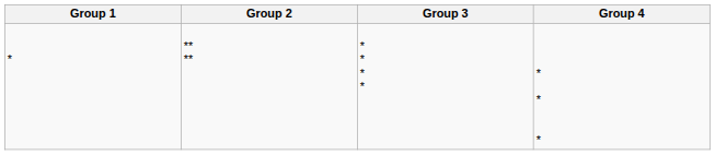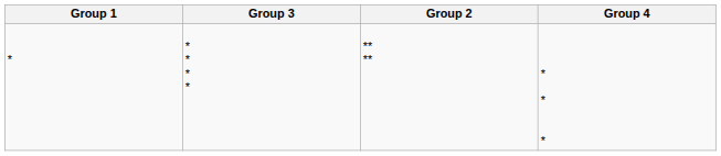 <table class="wikitable" width=75%>
 <tr>
 <th width=25%>Group 1</th>
+<th width=25%>Group 3</th>
 <th width=25%>Group 2</th>
-<th width=25%>Group 3</th>
 <th width=25%>Group 4</th>
 </tr>
 <tr>
 <td valign=top><br><br> <s></s> *<br> <br> <br> <br> <br> <br></td>
+<td valign=top><br><s></s> *<br> <s></s> *<br> <s></s> *<br> <s></s> *<br> <br> <br> </td>
 <td valign=top><br>**<br> **<br> <br> <br> <br> <br> </td>
-<td valign=top><br><s></s> *<br> <s></s> *<br> <s></s> *<br> <s></s> *<br> <br> <br> </td>
 <td valign=top><br><br> <br> <s></s> *<br> <br> <s></s> *<br> <br> <br> <s></s> *</td>
 </tr>
 </table>
